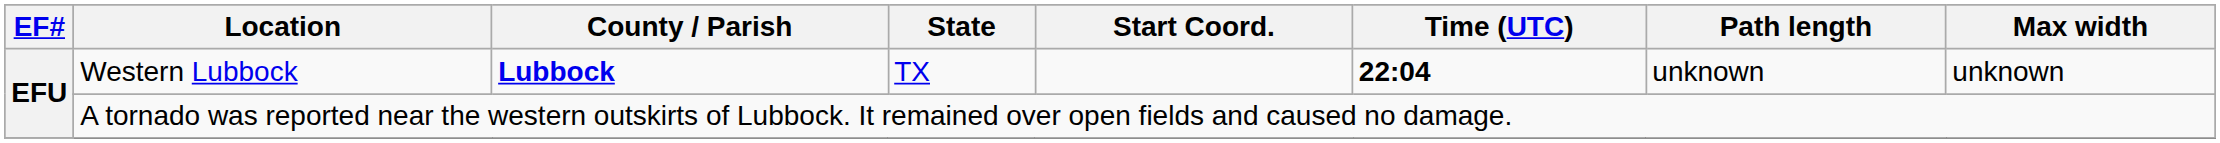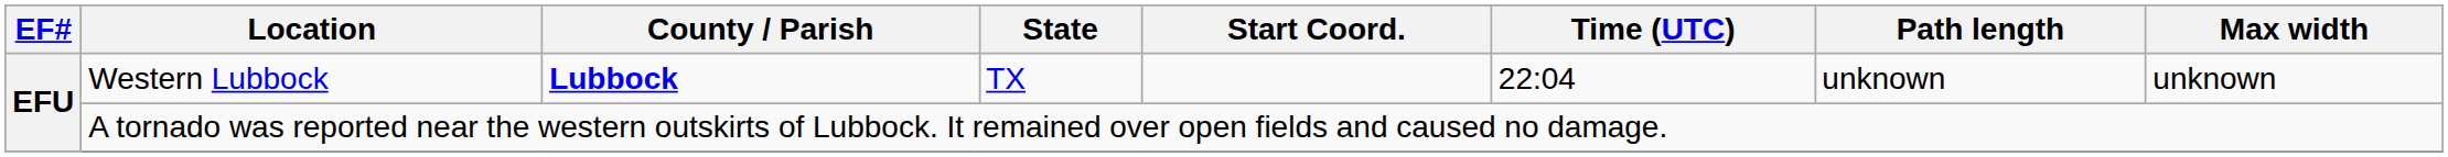 <table class="wikitable sortable" style="width:100%;">
 <tr>
 <th scope="col" width="2%" align="center"><a href='#'>EF#</a></th>
 <th scope="col" align="center" class="unsortable">Location</th>
 <th scope="col" align="center" class="unsortable">County / Parish</th>
 <th scope="col" align="center">State</th>
 <th scope="col" align="center">Start Coord.</th>
 <th scope="col" align="center">Time (<a href='#'>UTC</a>)</th>
 <th scope="col" align="center">Path length</th>
 <th scope="col" align="center">Max width</th>
 </tr>
 <tr>
 <th scope="row" rowspan="2" style="background-color:#">EFU</th>
 <td>Western <a href='#'>Lubbock</a></td>
 <td><strong><a href='#'>Lubbock</a></strong></td>
 <td><a href='#'>TX</a></td>
 <td></td>
-<td><strong>22:04</strong></td>
+<td>22:04</td>
 <td>unknown</td>
 <td>unknown</td>
 </tr>
 <tr class="expand-child">
 <td colspan="8" style=" border-bottom: 1px solid black;">A tornado was reported near the western outskirts of Lubbock. It remained over open fields and caused no damage.</td>
 </tr>
 <tr>
 </tr>
 </table>
